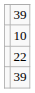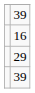 <table class="wikitable">
 <tr>
 </tr>
 <tr>
 <td></td>
 <td>39</td>
 </tr>
 <tr>
 <td></td>
-<td>10</td>
+<td>16</td>
 </tr>
 <tr>
 <td></td>
-<td>22</td>
+<td>29</td>
 </tr>
 <tr>
 <td></td>
 <td>39</td>
 </tr>
 </table>
